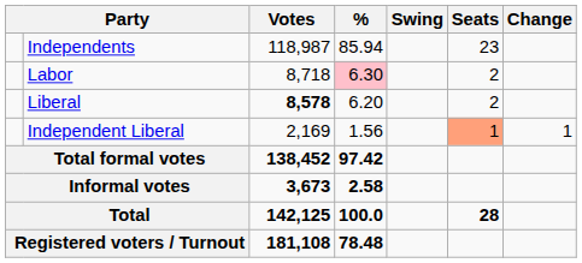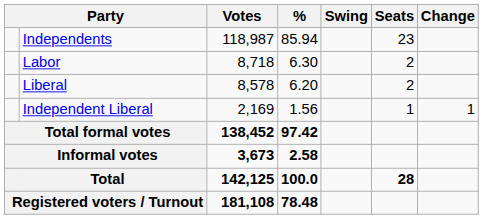 <table class="wikitable" style="text-align:right; margin-bottom:0">
 <tr>
 <th style="width:10px;" colspan=3>Party</th>
 <th style="width:70px;">Votes</th>
 <th style="width:40px;">%</th>
 <th style="width:40px;">Swing</th>
 <th style="width:40px;">Seats</th>
 <th style="width:40px;">Change</th>
 </tr>
 <tr>
 <td> </td>
 <td style="text-align:left;" colspan="2"><a href='#'>Independents</a></td>
 <td>118,987</td>
 <td>85.94</td>
 <td></td>
 <td>23</td>
 <td></td>
 </tr>
 <tr>
 <td> </td>
 <td style="text-align:left;" colspan="2"><a href='#'>Labor</a></td>
 <td>8,718</td>
-<td style="background: pink;">6.30</td>
+<td>6.30</td>
 <td></td>
 <td>2</td>
 <td></td>
 </tr>
 <tr>
 <td> </td>
 <td style="text-align:left;" colspan="2"><a href='#'>Liberal</a></td>
-<td><strong>8,578</strong></td>
+<td>8,578</td>
 <td>6.20</td>
 <td></td>
 <td>2</td>
 <td></td>
 </tr>
 <tr>
 <td> </td>
 <td style="text-align:left;" colspan="2"><a href='#'>Independent Liberal</a></td>
 <td>2,169</td>
 <td>1.56</td>
 <td></td>
-<td style="background: lightsalmon;">1</td>
+<td>1</td>
 <td> 1</td>
 </tr>
 <tr>
 <th colspan="3"> Total formal votes</th>
 <td><strong>138,452</strong></td>
 <td><strong>97.42</strong></td>
 <td></td>
 <td></td>
 <td></td>
 </tr>
 <tr>
 <th colspan="3"> Informal votes</th>
 <td><strong>3,673</strong></td>
 <td><strong>2.58</strong></td>
 <td></td>
 <td></td>
 <td></td>
 </tr>
 <tr>
 <th colspan="3"> Total</th>
 <td><strong>142,125</strong></td>
 <td><strong>100.0</strong></td>
 <td></td>
 <td><strong>28</strong></td>
 <td></td>
 </tr>
 <tr>
 <th colspan="3"> Registered voters / Turnout</th>
 <td><strong>181,108</strong></td>
 <td><strong>78.48</strong></td>
 <td></td>
 <td></td>
 <td></td>
 </tr>
 </table>
